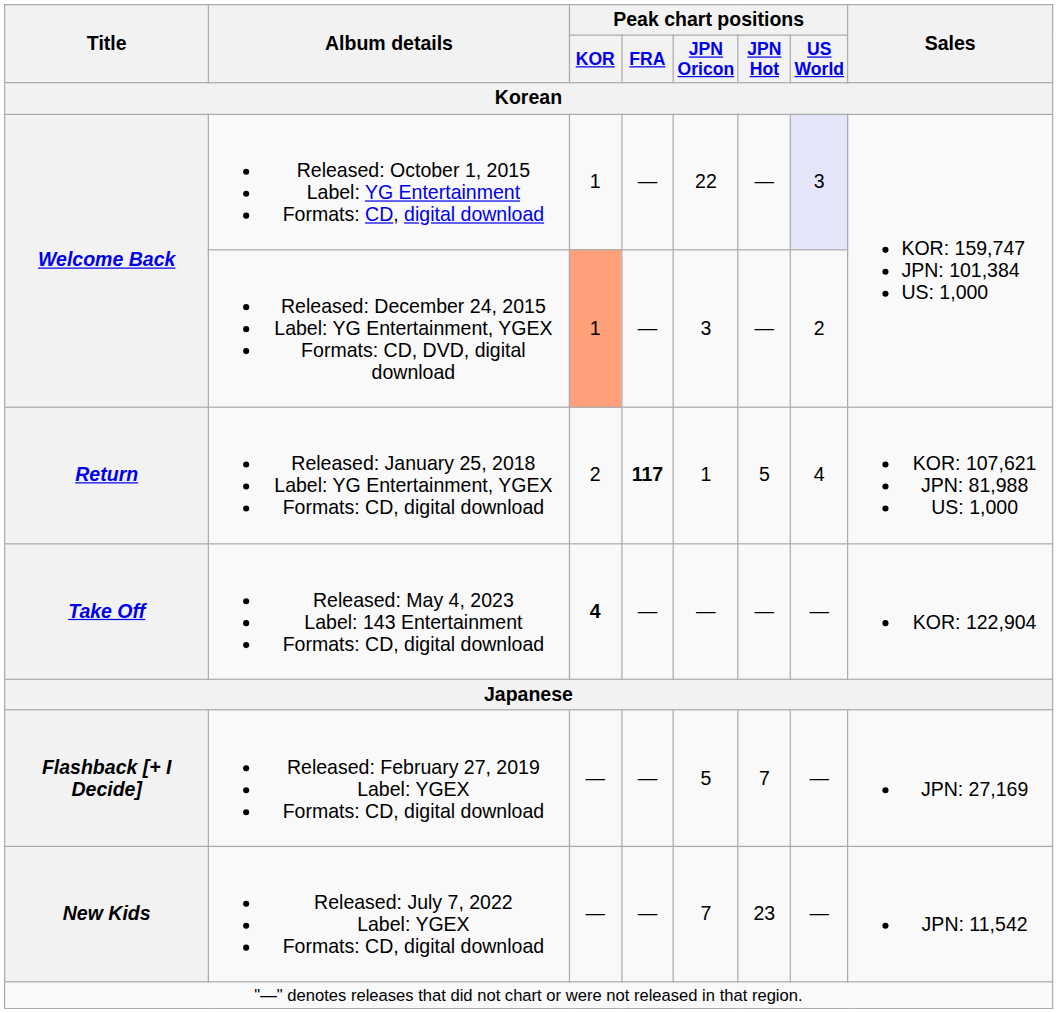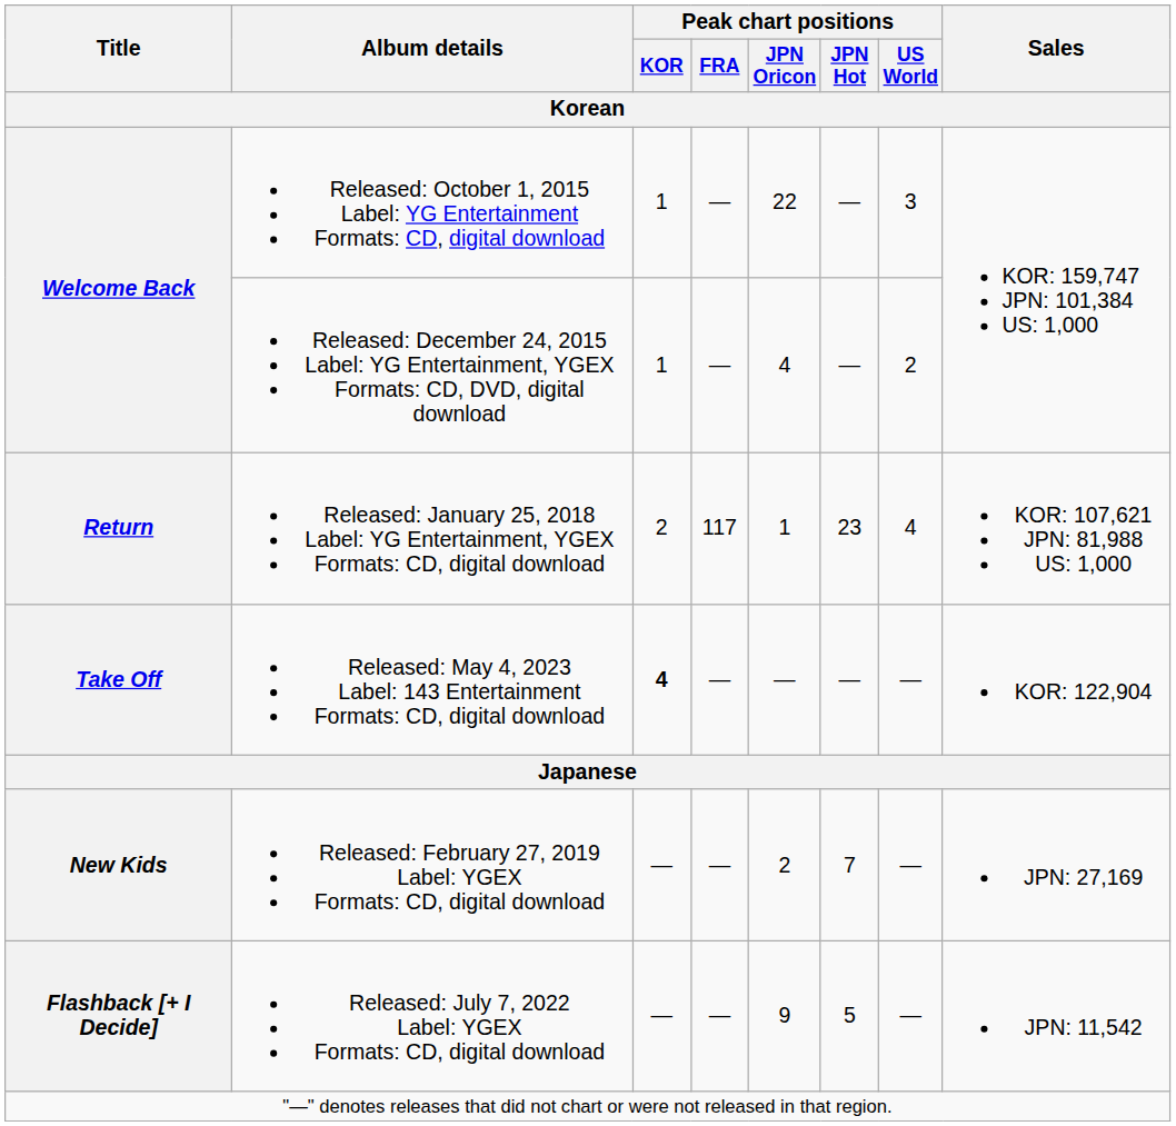 <table class="wikitable plainrowheaders" style="text-align:center;">
 <tr>
 <th rowspan="2" style="width:10em;">Title</th>
 <th rowspan="2" style="width:18em;">Album details</th>
 <th colspan="5">Peak chart positions</th>
 <th rowspan="2" style="width:10em;">Sales</th>
 </tr>
 <tr>
 <th scope="col" style="width:2.5em;font-size:90%;"><a href='#'>KOR</a><br></th>
 <th scope="col" style="width:2.5em;font-size:90%;"><a href='#'>FRA</a><br></th>
 <th scope="col" style="width:2.5em;font-size:90%;"><a href='#'>JPN<br>Oricon</a><br></th>
 <th scope="col" style="width:2.5em;font-size:90%;"><a href='#'>JPN<br>Hot</a><br></th>
 <th scope="col" style="width:2.5em;font-size:90%;"><a href='#'>US World</a><br></th>
 </tr>
 <tr>
 <th colspan="8">Korean</th>
 </tr>
 <tr>
 <th scope="row" rowspan="2"><em><a href='#'>Welcome Back</a></em></th>
 <td><br><ul><li>Released: October 1, 2015</li><li>Label: <a href='#'>YG Entertainment</a></li><li>Formats: <a href='#'>CD</a>, <a href='#'>digital download</a></li></ul></td>
 <td>1</td>
 <td>—</td>
 <td>22</td>
 <td>—</td>
-<td style="background: lavender;">3</td>
+<td>3</td>
 <td style="text-align:left;" rowspan=2><br><ul><li>KOR: 159,747</li><li>JPN: 101,384</li><li>US: 1,000</li></ul></td>
 </tr>
 <tr>
 <td><br><ul><li>Released: December 24, 2015</li><li>Label: YG Entertainment, YGEX</li><li>Formats: CD, DVD, digital download</li></ul></td>
-<td style="background: lightsalmon;">1</td>
+<td>1</td>
 <td>—</td>
-<td>3</td>
+<td>4</td>
 <td>—</td>
 <td>2</td>
 </tr>
 <tr>
 <th scope="row"><em><a href='#'>Return</a></em></th>
 <td><br><ul><li>Released: January 25, 2018</li><li>Label: YG Entertainment, YGEX</li><li>Formats: CD, digital download</li></ul></td>
 <td>2</td>
-<td><strong>117</strong></td>
+<td>117</td>
 <td>1</td>
-<td>5</td>
+<td>23</td>
 <td>4</td>
 <td><br><ul><li>KOR: 107,621</li><li>JPN: 81,988</li><li>US: 1,000</li></ul></td>
 </tr>
 <tr>
 <th scope="row"><em><a href='#'>Take Off</a></em></th>
 <td><br><ul><li>Released: May 4, 2023</li><li>Label: 143 Entertainment</li><li>Formats: CD, digital download</li></ul></td>
 <td><strong>4</strong></td>
 <td>—</td>
 <td>—</td>
 <td>—</td>
 <td>—</td>
 <td><br><ul><li>KOR: 122,904</li></ul></td>
 </tr>
 <tr>
 <th colspan="8">Japanese</th>
 </tr>
 <tr>
-<th scope="row"><em>Flashback [+ I Decide]</em></th>
+<th scope="row"><em>New Kids</em></th>
 <td><br><ul><li>Released: February 27, 2019</li><li>Label: YGEX</li><li>Formats: CD, digital download</li></ul></td>
 <td>—</td>
 <td>—</td>
-<td>5</td>
+<td>2</td>
 <td>7</td>
 <td>—</td>
 <td><br><ul><li>JPN: 27,169</li></ul></td>
 </tr>
 <tr>
-<th scope="row"><em>New Kids</em></th>
+<th scope="row"><em>Flashback [+ I Decide]</em></th>
 <td><br><ul><li>Released: July 7, 2022</li><li>Label: YGEX</li><li>Formats: CD, digital download</li></ul></td>
 <td>—</td>
 <td>—</td>
-<td>7</td>
-<td>23</td>
+<td>9</td>
+<td>5</td>
 <td>—</td>
 <td><br><ul><li>JPN: 11,542</li></ul></td>
 </tr>
 <tr>
 <td colspan="8" style="font-size:85%;">"—" denotes releases that did not chart or were not released in that region.<br></td>
 </tr>
 </table>
